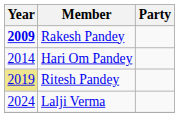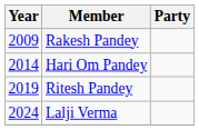 <table class="wikitable sortable">
 <tr>
 <th>Year</th>
 <th>Member</th>
 <th colspan="2">Party</th>
 </tr>
 <tr>
-<td><strong><a href='#'>2009</a></strong></td>
+<td><a href='#'>2009</a></td>
 <td><a href='#'>Rakesh Pandey</a></td>
 <td></td>
 </tr>
 <tr>
 <td><a href='#'>2014</a></td>
 <td><a href='#'>Hari Om Pandey</a></td>
 <td></td>
 </tr>
 <tr>
-<td style="background: khaki;"><a href='#'>2019</a></td>
+<td><a href='#'>2019</a></td>
 <td><a href='#'>Ritesh Pandey</a></td>
 <td></td>
 </tr>
 <tr>
 <td><a href='#'>2024</a></td>
 <td><a href='#'>Lalji Verma</a></td>
 <td></td>
 </tr>
 <tr>
 </tr>
 </table>
